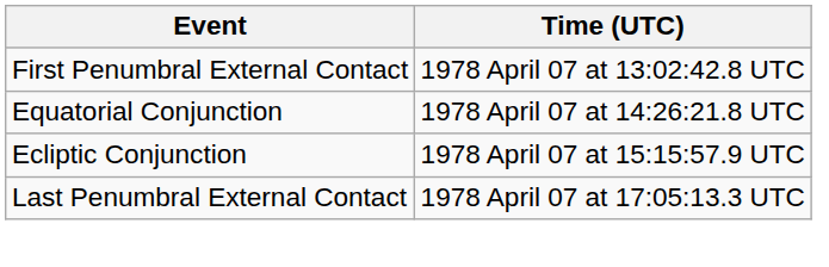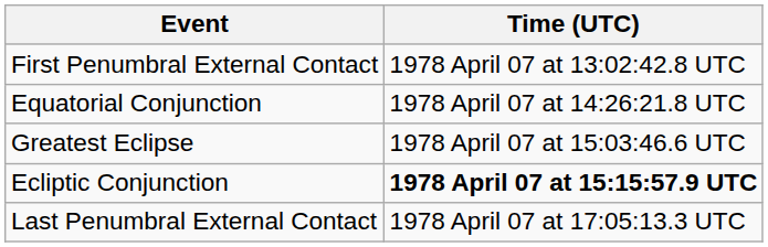 <table class="wikitable">
 <tr>
 <th>Event</th>
 <th>Time (UTC)</th>
 </tr>
 <tr>
 <td>First Penumbral External Contact</td>
 <td>1978 April 07 at 13:02:42.8 UTC</td>
 </tr>
 <tr>
 <td>Equatorial Conjunction</td>
 <td>1978 April 07 at 14:26:21.8 UTC</td>
 </tr>
 <tr>
+<td>Greatest Eclipse</td>
+<td>1978 April 07 at 15:03:46.6 UTC</td>
+</tr>
+<tr>
 <td>Ecliptic Conjunction</td>
-<td>1978 April 07 at 15:15:57.9 UTC</td>
+<td><strong>1978 April 07 at 15:15:57.9 UTC</strong></td>
 </tr>
 <tr>
 <td>Last Penumbral External Contact</td>
 <td>1978 April 07 at 17:05:13.3 UTC</td>
 </tr>
 </table>
